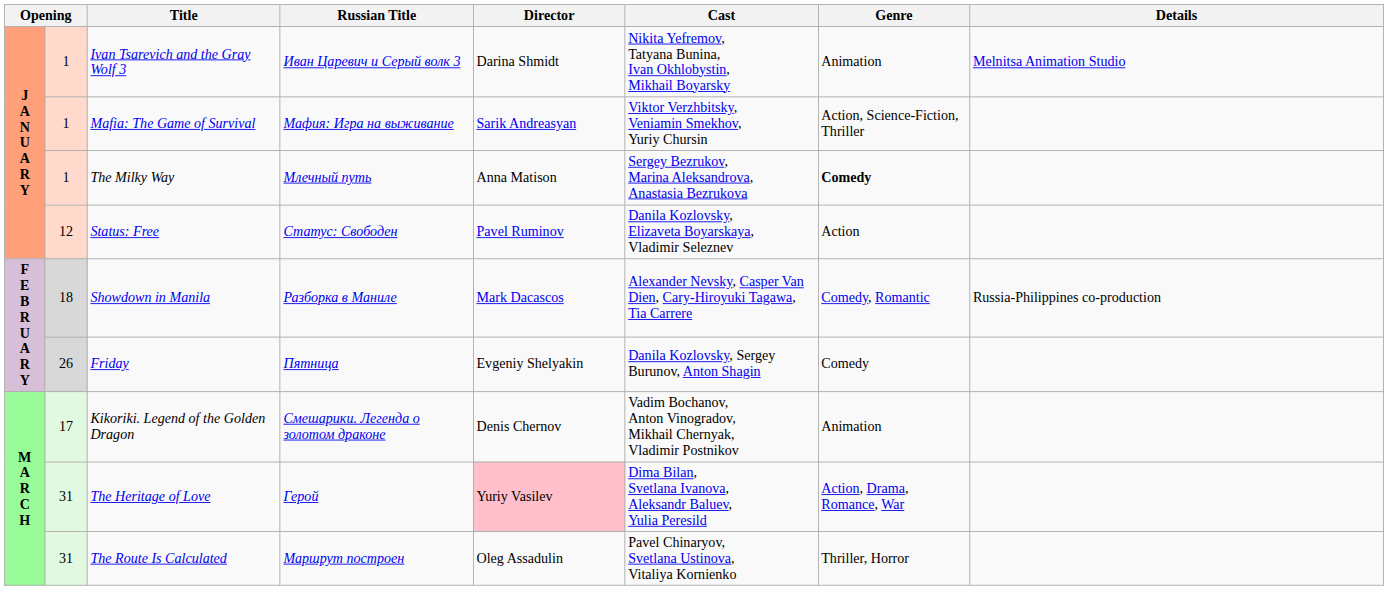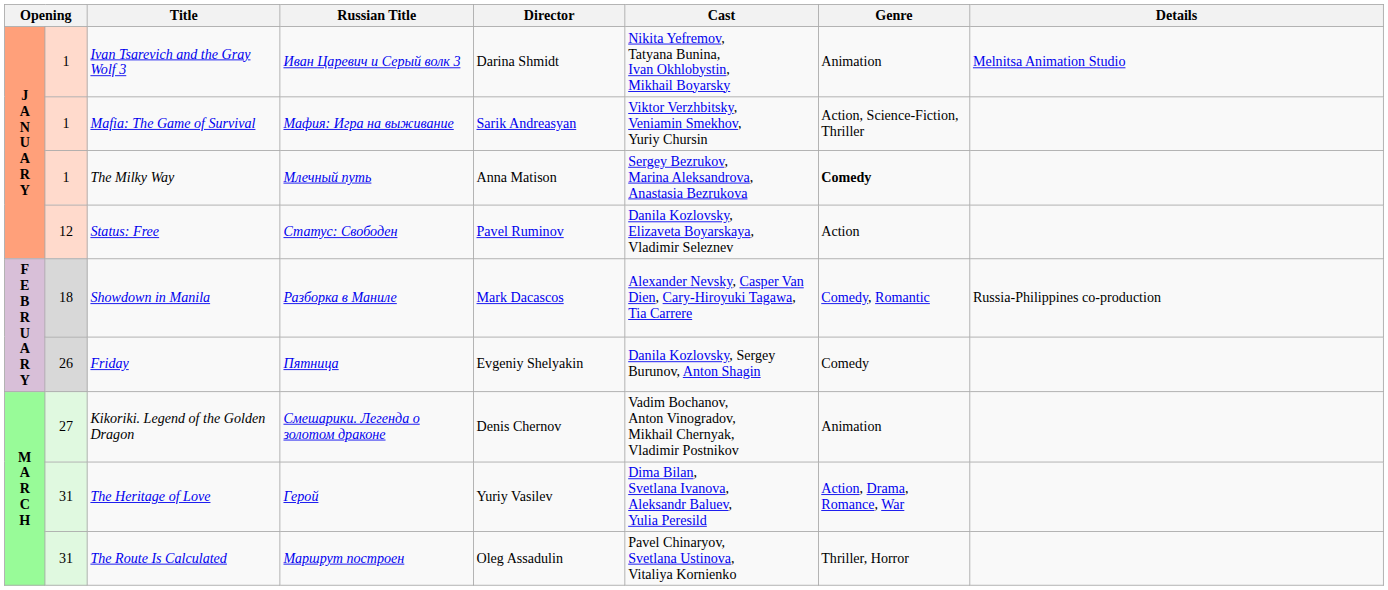 <table class="wikitable">
 <tr>
 <th style="width:6%;" colspan="2">Opening</th>
 <th style="width:14%;">Title</th>
 <th style="width:14%;">Russian Title</th>
 <th style="width:11%;">Director</th>
 <th style="width:14%;">Cast</th>
 <th style="width:11%;">Genre</th>
 <th>Details</th>
 </tr>
 <tr>
 <th rowspan="4" align="center" style="background:#ffa07a; textcolor:#000;">J<br>A<br>N<br>U<br>A<br>R<br>Y</th>
 <td align="center" style="background:#ffdacc;">1</td>
 <td><em><a href='#'>Ivan Tsarevich and the Gray Wolf 3</a></em></td>
 <td><em><a href='#'>Иван Царевич и Серый волк 3</a></em></td>
 <td>Darina Shmidt</td>
 <td><a href='#'>Nikita Yefremov</a>,<br> Tatyana Bunina,<br> <a href='#'>Ivan Okhlobystin</a>,<br> <a href='#'>Mikhail Boyarsky</a></td>
 <td>Animation</td>
 <td><a href='#'>Melnitsa Animation Studio</a></td>
 </tr>
 <tr>
 <td align="center" style="background:#ffdacc;">1</td>
 <td><em><a href='#'>Mafia: The Game of Survival</a></em></td>
 <td><em><a href='#'>Мафия: Игра на выживание</a></em></td>
 <td><a href='#'>Sarik Andreasyan</a></td>
 <td><a href='#'>Viktor Verzhbitsky</a>,<br> <a href='#'>Veniamin Smekhov</a>,<br> Yuriy Chursin</td>
 <td>Action, Science-Fiction, Thriller</td>
 <td></td>
 </tr>
 <tr>
 <td align="center" style="background:#ffdacc;">1</td>
 <td><em>The Milky Way</em></td>
 <td><em><a href='#'>Млечный путь</a></em></td>
 <td>Anna Matison</td>
 <td><a href='#'>Sergey Bezrukov</a>,<br> <a href='#'>Marina Aleksandrova</a>,<br> <a href='#'>Anastasia Bezrukova</a></td>
 <td><strong>Comedy</strong></td>
 <td></td>
 </tr>
 <tr>
 <td align="center" style="background:#ffdacc;">12</td>
 <td><em><a href='#'>Status: Free</a></em></td>
 <td><em><a href='#'>Статус: Свободен</a></em></td>
 <td><a href='#'>Pavel Ruminov</a></td>
 <td><a href='#'>Danila Kozlovsky</a>,<br> <a href='#'>Elizaveta Boyarskaya</a>,<br> Vladimir Seleznev</td>
 <td>Action</td>
 <td></td>
 </tr>
 <tr>
 <th rowspan="2" align="center" style="background:thistle; textcolor:#000;">F<br>E<br>B<br>R<br>U<br>A<br>R<br>Y</th>
 <td align="center" style="background:#d8d8d8;">18</td>
 <td><em><a href='#'>Showdown in Manila</a></em></td>
 <td><em><a href='#'>Разборка в Маниле</a></em></td>
 <td><a href='#'>Mark Dacascos</a></td>
 <td><a href='#'>Alexander Nevsky</a>, <a href='#'>Casper Van Dien</a>, <a href='#'>Cary-Hiroyuki Tagawa</a>, <a href='#'>Tia Carrere</a></td>
 <td><a href='#'>Comedy</a>, <a href='#'>Romantic</a></td>
 <td>Russia-Philippines co-production</td>
 </tr>
 <tr>
 <td align="center" style="background:#d8d8d8;">26</td>
 <td><em><a href='#'>Friday</a></em></td>
 <td><em><a href='#'>Пятница</a></em></td>
 <td>Evgeniy Shelyakin</td>
 <td><a href='#'>Danila Kozlovsky</a>, Sergey Burunov, <a href='#'>Anton Shagin</a></td>
 <td>Comedy</td>
 <td></td>
 </tr>
 <tr>
 <th rowspan="3" align="center" style="background:#98fb98; textcolor:#000;">M<br>A<br>R<br>C<br>H</th>
-<td align="center" style="background:#e0f9e0;">17</td>
+<td align="center" style="background:#e0f9e0;">27</td>
 <td><em>Kikoriki. Legend of the Golden Dragon</em></td>
 <td><em><a href='#'>Смешарики. Легенда о золотом драконе</a></em></td>
 <td>Denis Chernov</td>
 <td>Vadim Bochanov,<br> Anton Vinogradov,<br> Mikhail Chernyak,<br> Vladimir Postnikov</td>
 <td>Animation</td>
 <td></td>
 </tr>
 <tr>
 <td align="center" style="background:#e0f9e0;">31</td>
 <td><em><a href='#'>The Heritage of Love</a></em></td>
 <td><em><a href='#'>Герой</a></em></td>
-<td style="background: pink;">Yuriy Vasilev</td>
+<td>Yuriy Vasilev</td>
 <td><a href='#'>Dima Bilan</a>,<br> <a href='#'>Svetlana Ivanova</a>,<br> <a href='#'>Aleksandr Baluev</a>,<br> <a href='#'>Yulia Peresild</a></td>
 <td><a href='#'>Action</a>, <a href='#'>Drama</a>, <a href='#'>Romance</a>, <a href='#'>War</a></td>
 <td></td>
 </tr>
 <tr>
 <td align="center" style="background:#e0f9e0;">31</td>
 <td><em><a href='#'>The Route Is Calculated</a></em></td>
 <td><em><a href='#'>Маршрут построен</a></em></td>
 <td>Oleg Assadulin</td>
 <td>Pavel Chinaryov,<br> <a href='#'>Svetlana Ustinova</a>,<br> Vitaliya Kornienko</td>
 <td>Thriller, Horror</td>
 <td></td>
 </tr>
 </table>
